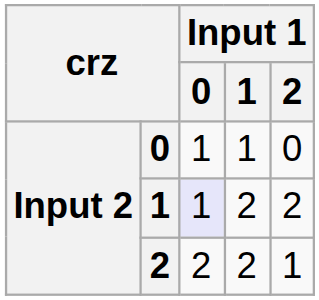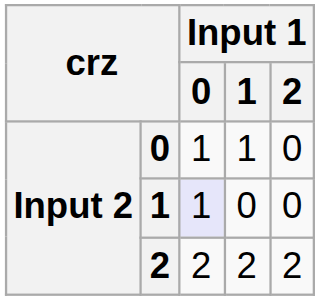 <table style="margin:auto;" class="wikitable">
 <tr style="text-align:center;">
 <th colspan="2" rowspan="2">crz</th>
 <th colspan="3">Input 1</th>
 </tr>
 <tr style="text-align:center;">
 <th>0</th>
 <th>1</th>
 <th>2</th>
 </tr>
 <tr style="text-align:center;">
 <th rowspan="3">Input 2</th>
 <th>0</th>
 <td>1</td>
 <td>1</td>
 <td>0</td>
 </tr>
 <tr style="text-align:center;">
 <th>1</th>
 <td style="background: lavender;">1</td>
-<td>2</td>
-<td>2</td>
+<td>0</td>
+<td>0</td>
 </tr>
 <tr style="text-align:center;">
 <th>2</th>
 <td>2</td>
 <td>2</td>
-<td>1</td>
+<td>2</td>
 </tr>
 </table>
